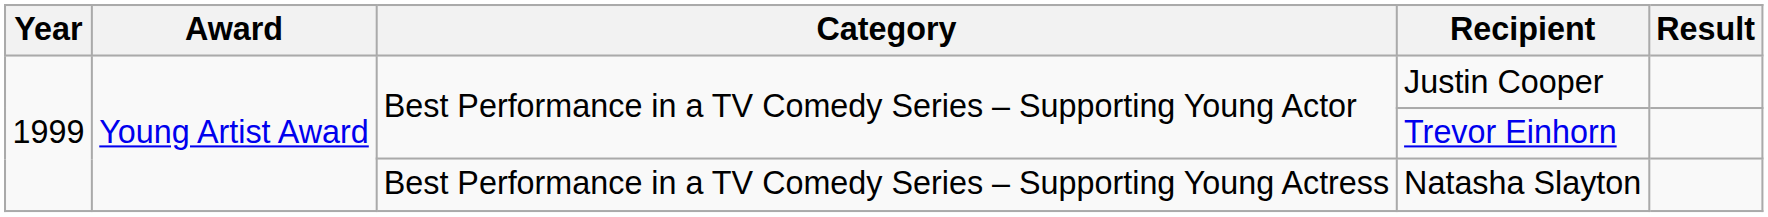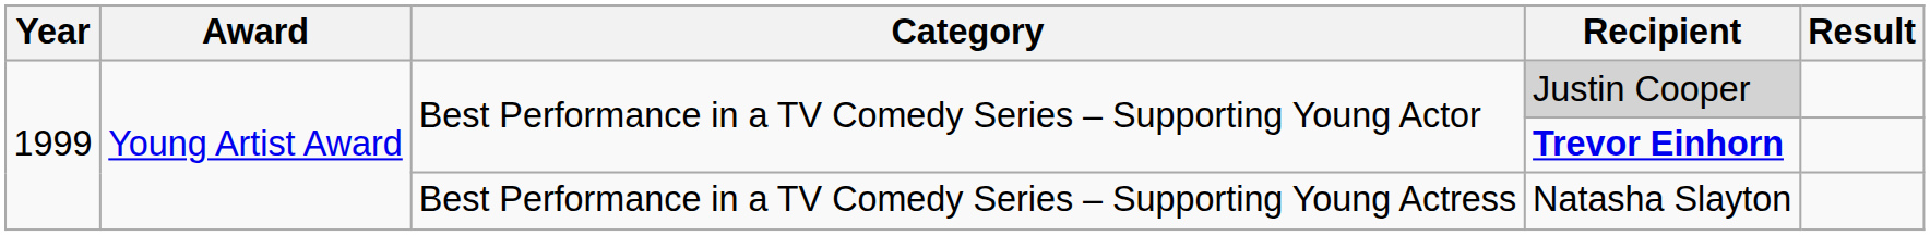 <table class="wikitable">
 <tr>
 <th>Year</th>
 <th>Award</th>
 <th>Category</th>
 <th>Recipient</th>
 <th>Result</th>
 </tr>
 <tr>
 <td rowspan="3">1999</td>
 <td rowspan="3"><a href='#'>Young Artist Award</a></td>
 <td rowspan="2">Best Performance in a TV Comedy Series – Supporting Young Actor</td>
-<td>Justin Cooper</td>
+<td style="background: lightgrey;">Justin Cooper</td>
 <td></td>
 </tr>
 <tr>
-<td><a href='#'>Trevor Einhorn</a></td>
+<td><strong><a href='#'>Trevor Einhorn</a></strong></td>
 <td></td>
 </tr>
 <tr>
 <td>Best Performance in a TV Comedy Series – Supporting Young Actress</td>
 <td>Natasha Slayton</td>
 <td></td>
 </tr>
 </table>
